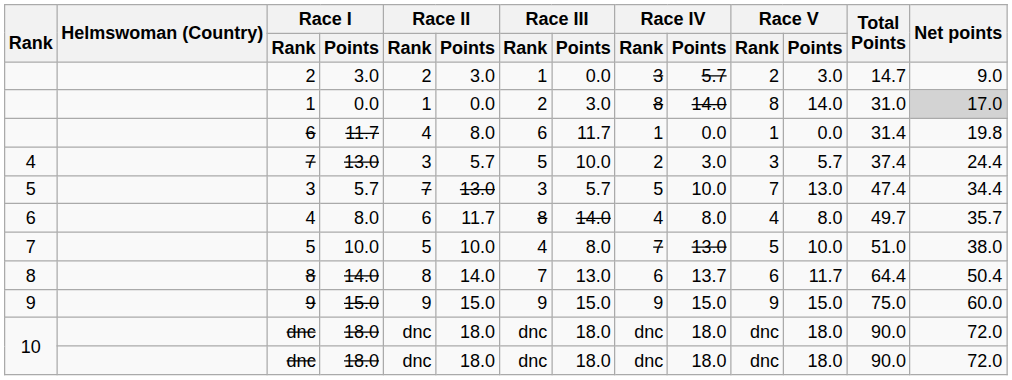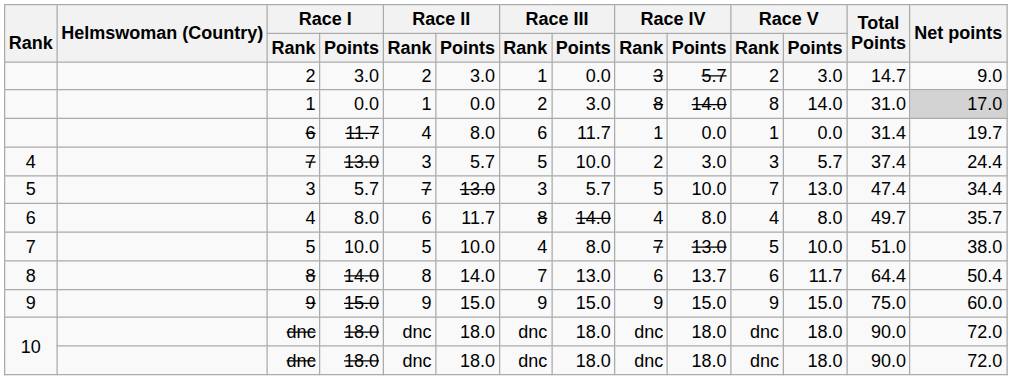 <table class="wikitable" style="text-align:right; font-size:90%">
 <tr>
 <th rowspan=2><br>Rank</th>
 <th rowspan=2>Helmswoman (Country)</th>
 <th colspan=2>Race I</th>
 <th colspan=2>Race II</th>
 <th colspan=2>Race III</th>
 <th colspan=2>Race IV</th>
 <th colspan=2>Race V</th>
 <th rowspan=2>Total <br>Points <br></th>
 <th rowspan=2>Net points</th>
 </tr>
 <tr>
 <th>Rank</th>
 <th>Points</th>
 <th>Rank</th>
 <th>Points</th>
 <th>Rank</th>
 <th>Points</th>
 <th>Rank</th>
 <th>Points</th>
 <th>Rank</th>
 <th>Points</th>
 </tr>
 <tr style="vertical-align:top;">
 <td align=center></td>
 <td align=left></td>
 <td>2</td>
 <td>3.0</td>
 <td>2</td>
 <td>3.0</td>
 <td>1</td>
 <td>0.0</td>
 <td><s>3</s></td>
 <td><s>5.7</s></td>
 <td>2</td>
 <td>3.0</td>
 <td>14.7</td>
 <td>9.0</td>
 </tr>
 <tr>
 <td align=center></td>
 <td align=left></td>
 <td>1</td>
 <td>0.0</td>
 <td>1</td>
 <td>0.0</td>
 <td>2</td>
 <td>3.0</td>
 <td><s>8</s></td>
 <td><s>14.0</s></td>
 <td>8</td>
 <td>14.0</td>
 <td>31.0</td>
 <td style="background: lightgrey;">17.0</td>
 </tr>
 <tr>
 <td align=center></td>
 <td align=left></td>
 <td><s>6</s></td>
 <td><s>11.7</s></td>
 <td>4</td>
 <td>8.0</td>
 <td>6</td>
 <td>11.7</td>
 <td>1</td>
 <td>0.0</td>
 <td>1</td>
 <td>0.0</td>
 <td>31.4</td>
-<td>19.8</td>
+<td>19.7</td>
 </tr>
 <tr>
 <td align=center>4</td>
 <td align=left></td>
 <td><s>7</s></td>
 <td><s>13.0</s></td>
 <td>3</td>
 <td>5.7</td>
 <td>5</td>
 <td>10.0</td>
 <td>2</td>
 <td>3.0</td>
 <td>3</td>
 <td>5.7</td>
 <td>37.4</td>
 <td>24.4</td>
 </tr>
 <tr>
 <td align=center>5</td>
 <td align=left></td>
 <td>3</td>
 <td>5.7</td>
 <td><s>7</s></td>
 <td><s>13.0</s></td>
 <td>3</td>
 <td>5.7</td>
 <td>5</td>
 <td>10.0</td>
 <td>7</td>
 <td>13.0</td>
 <td>47.4</td>
 <td>34.4</td>
 </tr>
 <tr>
 <td align=center>6</td>
 <td align=left></td>
 <td>4</td>
 <td>8.0</td>
 <td>6</td>
 <td>11.7</td>
 <td><s>8</s></td>
 <td><s>14.0</s></td>
 <td>4</td>
 <td>8.0</td>
 <td>4</td>
 <td>8.0</td>
 <td>49.7</td>
 <td>35.7</td>
 </tr>
 <tr>
 <td align=center>7</td>
 <td align=left></td>
 <td>5</td>
 <td>10.0</td>
 <td>5</td>
 <td>10.0</td>
 <td>4</td>
 <td>8.0</td>
 <td><s>7</s></td>
 <td><s>13.0</s></td>
 <td>5</td>
 <td>10.0</td>
 <td>51.0</td>
 <td>38.0</td>
 </tr>
 <tr>
 <td align=center>8</td>
 <td align=left></td>
 <td><s>8</s></td>
 <td><s>14.0</s></td>
 <td>8</td>
 <td>14.0</td>
 <td>7</td>
 <td>13.0</td>
 <td>6</td>
 <td>13.7</td>
 <td>6</td>
 <td>11.7</td>
 <td>64.4</td>
 <td>50.4</td>
 </tr>
 <tr>
 <td align=center>9</td>
 <td align=left></td>
 <td><s>9</s></td>
 <td><s>15.0</s></td>
 <td>9</td>
 <td>15.0</td>
 <td>9</td>
 <td>15.0</td>
 <td>9</td>
 <td>15.0</td>
 <td>9</td>
 <td>15.0</td>
 <td>75.0</td>
 <td>60.0</td>
 </tr>
 <tr>
 <td rowspan=2 align=center>10</td>
 <td align=left></td>
 <td><s>dnc</s></td>
 <td><s>18.0</s></td>
 <td>dnc</td>
 <td>18.0</td>
 <td>dnc</td>
 <td>18.0</td>
 <td>dnc</td>
 <td>18.0</td>
 <td>dnc</td>
 <td>18.0</td>
 <td>90.0</td>
 <td>72.0</td>
 </tr>
 <tr>
 <td align=left></td>
 <td><s>dnc</s></td>
 <td><s>18.0</s></td>
 <td>dnc</td>
 <td>18.0</td>
 <td>dnc</td>
 <td>18.0</td>
 <td>dnc</td>
 <td>18.0</td>
 <td>dnc</td>
 <td>18.0</td>
 <td>90.0</td>
 <td>72.0</td>
 </tr>
 </table>
